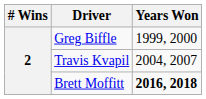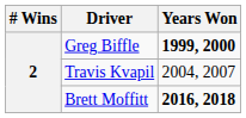 <table class="wikitable" style="font-size: 95%;">
 <tr>
 <th># Wins</th>
 <th>Driver</th>
 <th>Years Won</th>
 </tr>
 <tr>
 <th rowspan="3">2</th>
 <td><a href='#'>Greg Biffle</a></td>
-<td>1999, 2000</td>
+<td><strong>1999, 2000</strong></td>
 </tr>
 <tr>
 <td><a href='#'>Travis Kvapil</a></td>
 <td>2004, 2007</td>
 </tr>
 <tr>
 <td><a href='#'>Brett Moffitt</a></td>
 <td><strong>2016, 2018</strong></td>
 </tr>
 </table>
